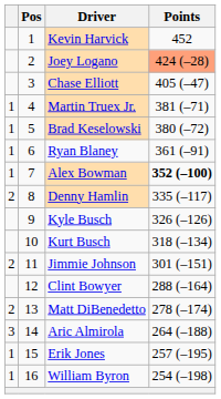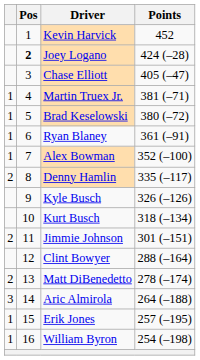 <table class="wikitable" style="font-size: 95%">
 <tr>
 <th></th>
 <th>Pos</th>
 <th>Driver</th>
 <th>Points</th>
 </tr>
 <tr>
 <td align="left"></td>
 <td style="text-align:center;">1</td>
 <td style="background:#FFDEAD;"><a href='#'>Kevin Harvick</a></td>
 <td style="text-align:center;">452</td>
 </tr>
 <tr>
 <td align="left"></td>
-<td style="text-align:center;">2</td>
+<td style="text-align:center;"><strong>2</strong></td>
 <td style="background:#FFDEAD;"><a href='#'>Joey Logano</a></td>
-<td style="background: lightsalmon; text-align:center;">424 (–28)</td>
+<td style="text-align:center;">424 (–28)</td>
 </tr>
 <tr>
 <td align="left"></td>
 <td style="text-align:center;">3</td>
 <td style="background:#FFDEAD;"><a href='#'>Chase Elliott</a></td>
 <td style="text-align:center;">405 (–47)</td>
 </tr>
 <tr>
 <td align="left"> 1</td>
 <td style="text-align:center;">4</td>
 <td style="background:#FFDEAD;"><a href='#'>Martin Truex Jr.</a></td>
 <td style="text-align:center;">381 (–71)</td>
 </tr>
 <tr>
 <td align="left"> 1</td>
 <td style="text-align:center;">5</td>
 <td style="background:#FFDEAD;"><a href='#'>Brad Keselowski</a></td>
 <td style="text-align:center;">380 (–72)</td>
 </tr>
 <tr>
 <td align="left"> 1</td>
 <td style="text-align:center;">6</td>
 <td><a href='#'>Ryan Blaney</a></td>
 <td style="text-align:center;">361 (–91)</td>
 </tr>
 <tr>
 <td align="left"> 1</td>
 <td style="text-align:center;">7</td>
 <td style="background:#FFDEAD;"><a href='#'>Alex Bowman</a></td>
-<td style="text-align:center;"><strong>352 (–100)</strong></td>
+<td style="text-align:center;">352 (–100)</td>
 </tr>
 <tr>
 <td align="left"> 2</td>
 <td style="text-align:center;">8</td>
 <td style="background:#FFDEAD;"><a href='#'>Denny Hamlin</a></td>
 <td style="text-align:center;">335 (–117)</td>
 </tr>
 <tr>
 <td align="left"></td>
 <td style="text-align:center;">9</td>
 <td><a href='#'>Kyle Busch</a></td>
 <td style="text-align:center;">326 (–126)</td>
 </tr>
 <tr>
 <td align="left"></td>
 <td style="text-align:center;">10</td>
 <td><a href='#'>Kurt Busch</a></td>
 <td style="text-align:center;">318 (–134)</td>
 </tr>
 <tr>
 <td align="left"> 2</td>
 <td style="text-align:center;">11</td>
 <td><a href='#'>Jimmie Johnson</a></td>
 <td style="text-align:center;">301 (–151)</td>
 </tr>
 <tr>
 <td align="left"></td>
 <td style="text-align:center;">12</td>
 <td><a href='#'>Clint Bowyer</a></td>
 <td style="text-align:center;">288 (–164)</td>
 </tr>
 <tr>
 <td align="left"> 2</td>
 <td style="text-align:center;">13</td>
 <td><a href='#'>Matt DiBenedetto</a></td>
 <td style="text-align:center;">278 (–174)</td>
 </tr>
 <tr>
 <td align="left"> 3</td>
 <td style="text-align:center;">14</td>
 <td><a href='#'>Aric Almirola</a></td>
 <td style="text-align:center;">264 (–188)</td>
 </tr>
 <tr>
 <td align="left"> 1</td>
 <td style="text-align:center;">15</td>
 <td><a href='#'>Erik Jones</a></td>
 <td style="text-align:center;">257 (–195)</td>
 </tr>
 <tr>
 <td align="left"> 1</td>
 <td style="text-align:center;">16</td>
 <td><a href='#'>William Byron</a></td>
 <td style="text-align:center;">254 (–198)</td>
 </tr>
 <tr class="sortbottom">
 <th colspan="9"></th>
 </tr>
 </table>
